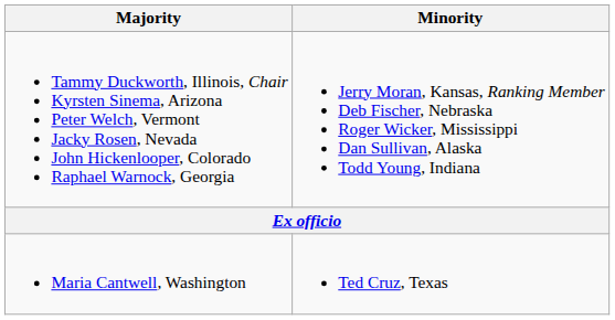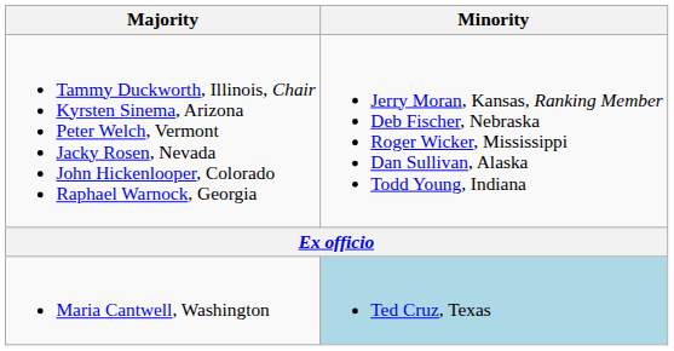 <table class=wikitable>
 <tr>
 <th>Majority</th>
 <th>Minority</th>
 </tr>
 <tr>
 <td><br><ul><li><a href='#'>Tammy Duckworth</a>, Illinois, <em>Chair</em></li><li><span><a href='#'>Kyrsten Sinema</a>, Arizona</span></li><li><a href='#'>Peter Welch</a>, Vermont</li><li><a href='#'>Jacky Rosen</a>, Nevada</li><li><a href='#'>John Hickenlooper</a>, Colorado</li><li><a href='#'>Raphael Warnock</a>, Georgia</li></ul></td>
 <td><br><ul><li><a href='#'>Jerry Moran</a>, Kansas, <em>Ranking Member</em></li><li><a href='#'>Deb Fischer</a>, Nebraska</li><li><a href='#'>Roger Wicker</a>, Mississippi</li><li><a href='#'>Dan Sullivan</a>, Alaska</li><li><a href='#'>Todd Young</a>, Indiana</li></ul></td>
 </tr>
 <tr>
 <th colspan=2><em><a href='#'>Ex officio</a></em></th>
 </tr>
 <tr>
 <td><br><ul><li><a href='#'>Maria Cantwell</a>, Washington</li></ul></td>
-<td><br><ul><li><a href='#'>Ted Cruz</a>, Texas</li></ul></td>
+<td style="background: lightblue;"><br><ul><li><a href='#'>Ted Cruz</a>, Texas</li></ul></td>
 </tr>
 </table>
